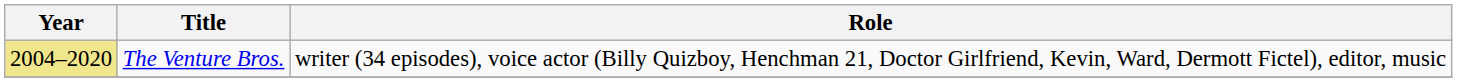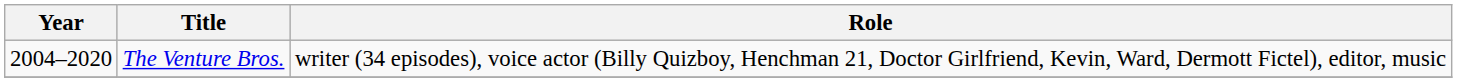 <table class="wikitable">
 <tr>
 <th>Year</th>
 <th>Title</th>
 <th>Role</th>
 </tr>
 <tr>
-<td style="background: khaki;">2004–2020</td>
+<td>2004–2020</td>
 <td><em><a href='#'>The Venture Bros.</a></em></td>
 <td>writer (34 episodes), voice actor (Billy Quizboy, Henchman 21, Doctor Girlfriend, Kevin, Ward, Dermott Fictel), editor, music</td>
 </tr>
 <tr>
 </tr>
 </table>
